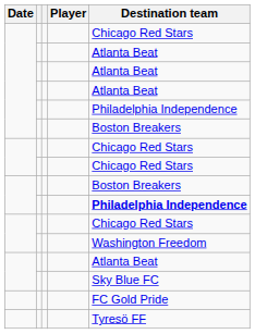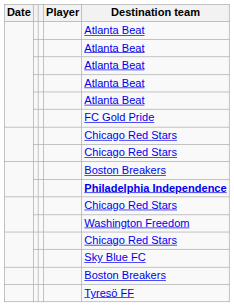 <table class="wikitable sortable">
 <tr>
 <th scope="col">Date</th>
 <th scope="col"></th>
 <th scope="col"></th>
 <th scope="col">Player</th>
 <th scope="col">Destination team</th>
 </tr>
 <tr>
 <td rowspan=6></td>
 <td></td>
 <td></td>
 <td></td>
-<td><a href='#'>Chicago Red Stars</a></td>
+<td><a href='#'>Atlanta Beat</a></td>
 </tr>
 <tr>
 <td></td>
 <td></td>
 <td></td>
 <td><a href='#'>Atlanta Beat</a></td>
 </tr>
 <tr>
 <td></td>
 <td></td>
 <td></td>
 <td><a href='#'>Atlanta Beat</a></td>
 </tr>
 <tr>
 <td></td>
 <td></td>
 <td></td>
 <td><a href='#'>Atlanta Beat</a></td>
 </tr>
 <tr>
 <td></td>
 <td></td>
 <td></td>
-<td><a href='#'>Philadelphia Independence</a></td>
+<td><a href='#'>Atlanta Beat</a></td>
 </tr>
 <tr>
 <td></td>
 <td></td>
 <td></td>
-<td><a href='#'>Boston Breakers</a></td>
+<td><a href='#'>FC Gold Pride</a></td>
 </tr>
 <tr>
 <td rowspan=2></td>
 <td></td>
 <td></td>
 <td></td>
 <td><a href='#'>Chicago Red Stars</a></td>
 </tr>
 <tr>
 <td></td>
 <td></td>
 <td></td>
 <td><a href='#'>Chicago Red Stars</a></td>
 </tr>
 <tr>
 <td rowspan=2></td>
 <td></td>
 <td></td>
 <td></td>
 <td><a href='#'>Boston Breakers</a></td>
 </tr>
 <tr>
 <td></td>
 <td></td>
 <td></td>
 <td><strong><a href='#'>Philadelphia Independence</a></strong></td>
 </tr>
 <tr>
 <td rowspan=2></td>
 <td></td>
 <td></td>
 <td></td>
 <td><a href='#'>Chicago Red Stars</a></td>
 </tr>
 <tr>
 <td></td>
 <td></td>
 <td></td>
 <td><a href='#'>Washington Freedom</a></td>
 </tr>
 <tr>
 <td rowspan=2></td>
 <td></td>
 <td></td>
 <td></td>
-<td><a href='#'>Atlanta Beat</a></td>
+<td><a href='#'>Chicago Red Stars</a></td>
 </tr>
 <tr>
 <td></td>
 <td></td>
 <td></td>
 <td><a href='#'>Sky Blue FC</a></td>
 </tr>
 <tr>
 <td></td>
 <td></td>
 <td></td>
 <td></td>
-<td><a href='#'>FC Gold Pride</a></td>
+<td><a href='#'>Boston Breakers</a></td>
 </tr>
 <tr>
 <td></td>
 <td></td>
 <td></td>
 <td></td>
 <td><a href='#'>Tyresö FF</a></td>
 </tr>
 </table>
